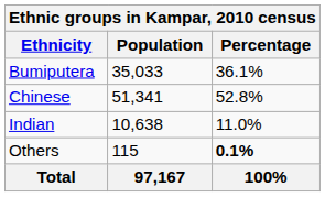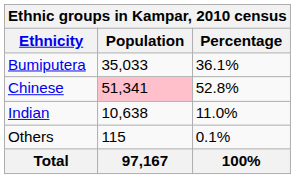 <table class="wikitable">
 <tr>
 <th style="text-align:center;" colspan="3">Ethnic groups in Kampar, 2010 census</th>
 </tr>
 <tr>
 <th><a href='#'>Ethnicity</a></th>
 <th>Population</th>
 <th>Percentage</th>
 </tr>
 <tr>
 <td><a href='#'>Bumiputera</a></td>
 <td>35,033</td>
 <td>36.1%</td>
 </tr>
 <tr>
 <td><a href='#'>Chinese</a></td>
-<td>51,341</td>
+<td style="background: pink;">51,341</td>
 <td>52.8%</td>
 </tr>
 <tr>
 <td><a href='#'>Indian</a></td>
 <td>10,638</td>
 <td>11.0%</td>
 </tr>
 <tr>
 <td>Others</td>
 <td>115</td>
-<td><strong>0.1%</strong></td>
+<td>0.1%</td>
 </tr>
 <tr>
 <th>Total</th>
 <th>97,167</th>
 <th>100%</th>
 </tr>
 </table>
